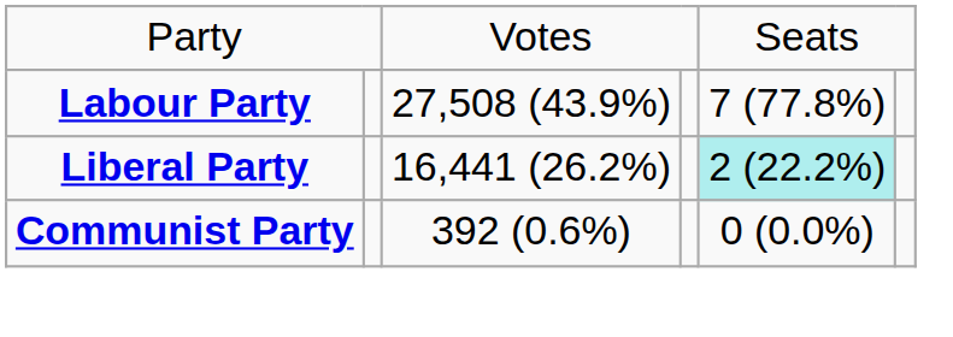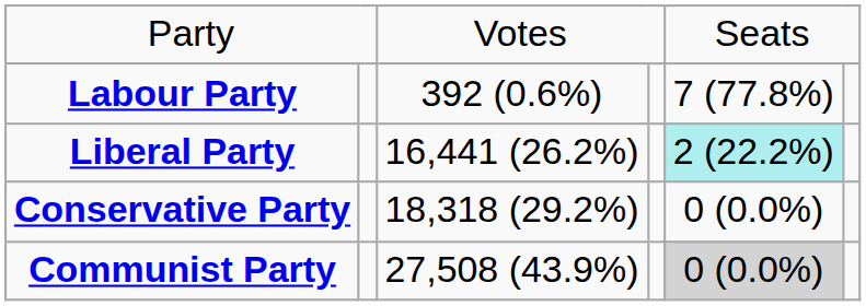 <table class=wikitable style="text-align:center;">
 <tr>
 <td colspan=2>Party</td>
 <td colspan=2>Votes</td>
 <td colspan=2>Seats</td>
 </tr>
 <tr>
 <td><strong><a href='#'>Labour Party</a></strong></td>
 <td style="background:"></td>
-<td>27,508 (43.9%)</td>
+<td>392 (0.6%)</td>
 <td></td>
 <td>7 (77.8%)</td>
 <td></td>
 </tr>
 <tr>
 <td><strong><a href='#'>Liberal Party</a></strong></td>
 <td style="background:"></td>
 <td>16,441 (26.2%)</td>
 <td></td>
 <td style="background: paleturquoise;">2 (22.2%)</td>
 <td></td>
 </tr>
 <tr>
-<td><strong><a href='#'>Communist Party</a></strong></td>
+<td><strong><a href='#'>Conservative Party</a></strong></td>
 <td style="background:"></td>
-<td>392 (0.6%)</td>
+<td>18,318 (29.2%)</td>
 <td></td>
 <td>0 (0.0%)</td>
 <td></td>
 </tr>
+<tr>
+<td><strong><a href='#'>Communist Party</a></strong></td>
+<td style="background:"></td>
+<td>27,508 (43.9%)</td>
+<td></td>
+<td style="background: lightgrey;">0 (0.0%)</td>
+<td></td>
+</tr>
 </table>
